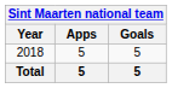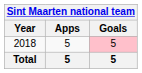 <table class="wikitable" style="text-align:center">
 <tr>
 <th colspan=3><a href='#'>Sint Maarten national team</a></th>
 </tr>
 <tr>
 <th>Year</th>
 <th>Apps</th>
 <th>Goals</th>
 </tr>
 <tr>
 <td>2018</td>
 <td>5</td>
-<td>5</td>
+<td style="background: pink;">5</td>
 </tr>
 <tr>
 <th>Total</th>
 <th>5</th>
 <th>5</th>
 </tr>
 </table>
